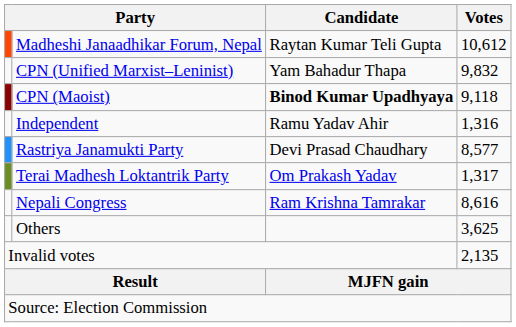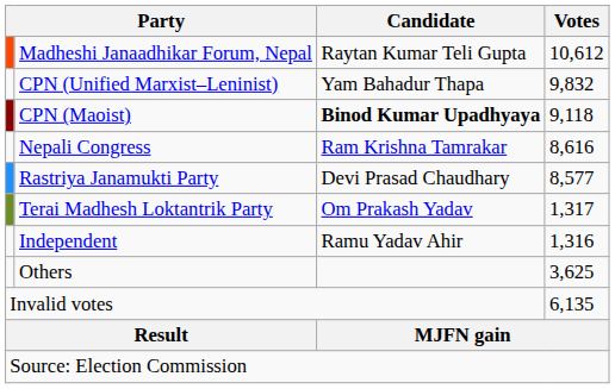 <table class="wikitable">
 <tr>
 <th colspan="2">Party</th>
 <th>Candidate</th>
 <th>Votes</th>
 </tr>
 <tr>
 <td style="background-color:orangered"></td>
 <td><a href='#'>Madheshi Janaadhikar Forum, Nepal</a></td>
 <td>Raytan Kumar Teli Gupta</td>
 <td>10,612</td>
 </tr>
 <tr>
 <td style="background-color:"></td>
 <td><a href='#'>CPN (Unified Marxist–Leninist)</a></td>
 <td>Yam Bahadur Thapa</td>
 <td>9,832</td>
 </tr>
 <tr>
 <td style="background-color:darkred"></td>
 <td><a href='#'>CPN (Maoist)</a></td>
 <td><strong>Binod Kumar Upadhyaya</strong></td>
 <td>9,118</td>
 </tr>
 <tr>
 <td style="background-color:"></td>
-<td><a href='#'>Independent</a></td>
-<td>Ramu Yadav Ahir</td>
-<td>1,316</td>
+<td><a href='#'>Nepali Congress</a></td>
+<td><a href='#'>Ram Krishna Tamrakar</a></td>
+<td>8,616</td>
 </tr>
 <tr>
 <td style="background-color:dodgerblue"></td>
 <td><a href='#'>Rastriya Janamukti Party</a></td>
 <td>Devi Prasad Chaudhary</td>
 <td>8,577</td>
 </tr>
 <tr>
 <td style="background-color:olivedrab"></td>
 <td><a href='#'>Terai Madhesh Loktantrik Party</a></td>
 <td><a href='#'>Om Prakash Yadav</a></td>
 <td>1,317</td>
 </tr>
 <tr>
 <td style="background-color:"></td>
-<td><a href='#'>Nepali Congress</a></td>
-<td><a href='#'>Ram Krishna Tamrakar</a></td>
-<td>8,616</td>
+<td><a href='#'>Independent</a></td>
+<td>Ramu Yadav Ahir</td>
+<td>1,316</td>
 </tr>
 <tr>
 <td></td>
 <td>Others</td>
 <td></td>
 <td>3,625</td>
 </tr>
 <tr>
 <td colspan="3">Invalid votes</td>
-<td>2,135</td>
+<td>6,135</td>
 </tr>
 <tr>
 <th colspan="2">Result</th>
 <th colspan="2">MJFN gain</th>
 </tr>
 <tr>
 <td colspan="4">Source: Election Commission</td>
 </tr>
 </table>
